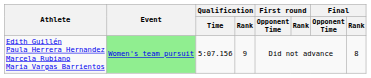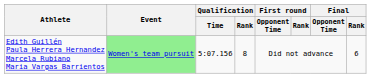 <table class="wikitable" style="font-size:90%">
 <tr>
 <th rowspan=2>Athlete</th>
 <th rowspan=2>Event</th>
 <th colspan=2>Qualification</th>
 <th colspan=2>First round</th>
 <th colspan=2>Final</th>
 </tr>
 <tr style="font-size:95%">
 <th>Time</th>
 <th>Rank</th>
 <th>Opponent<br>Time</th>
 <th>Rank</th>
 <th>Opponent<br>Time</th>
 <th>Rank</th>
 </tr>
 <tr align=center>
 <td align=left><a href='#'>Edith Guillén</a><br><a href='#'>Paula Herrera Hernandez</a><br><a href='#'>Marcela Rubiano</a><br><a href='#'>Maria Vargas Barrientos</a></td>
 <td align=left style="background: lightgreen;"><a href='#'>Women's team pursuit</a></td>
 <td>5:07.156</td>
-<td>9</td>
+<td>8</td>
 <td colspan=3>Did not advance</td>
-<td>8</td>
+<td>6</td>
 </tr>
 </table>
